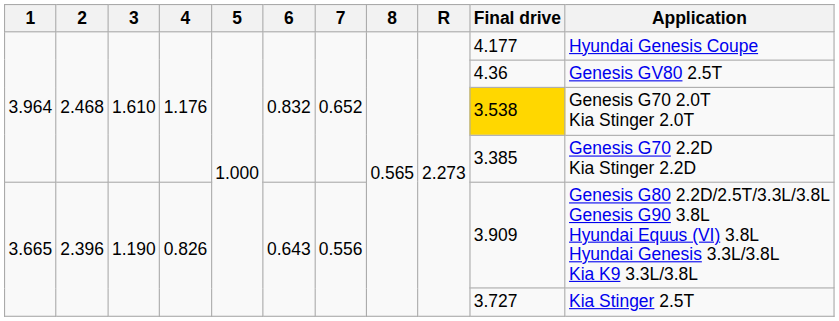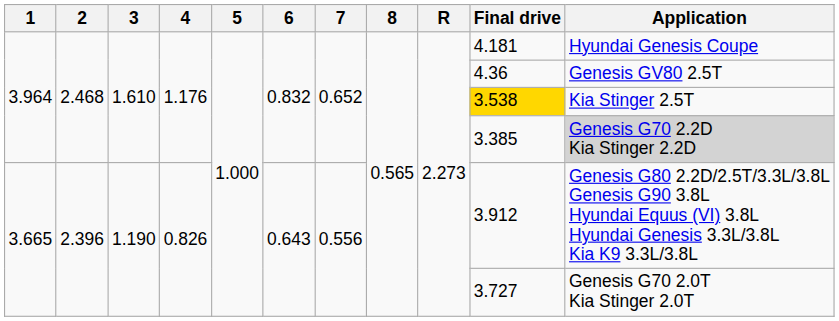 <table class=wikitable>
 <tr>
 <th>1</th>
 <th>2</th>
 <th>3</th>
 <th>4</th>
 <th>5</th>
 <th>6</th>
 <th>7</th>
 <th>8</th>
 <th>R</th>
 <th>Final drive</th>
 <th>Application</th>
 </tr>
 <tr>
 <td rowspan=4>3.964</td>
 <td rowspan=4>2.468</td>
 <td rowspan=4>1.610</td>
 <td rowspan=4>1.176</td>
 <td rowspan=6>1.000</td>
 <td rowspan=4>0.832</td>
 <td rowspan=4>0.652</td>
 <td rowspan=6>0.565</td>
 <td rowspan=6>2.273</td>
-<td>4.177</td>
+<td>4.181</td>
 <td><a href='#'>Hyundai Genesis Coupe</a></td>
 </tr>
 <tr>
 <td>4.36</td>
 <td><a href='#'>Genesis GV80</a> 2.5T</td>
 </tr>
 <tr>
 <td style="background: gold;">3.538</td>
-<td>Genesis G70 2.0T<br>Kia Stinger 2.0T</td>
+<td><a href='#'>Kia Stinger</a> 2.5T</td>
 </tr>
 <tr>
 <td>3.385</td>
-<td><a href='#'>Genesis G70</a> 2.2D<br>Kia Stinger 2.2D</td>
+<td style="background: lightgrey;"><a href='#'>Genesis G70</a> 2.2D<br>Kia Stinger 2.2D</td>
 </tr>
 <tr>
 <td rowspan=2>3.665</td>
 <td rowspan=2>2.396</td>
 <td rowspan=2>1.190</td>
 <td rowspan=2>0.826</td>
 <td rowspan=2>0.643</td>
 <td rowspan=2>0.556</td>
-<td>3.909</td>
+<td>3.912</td>
 <td><a href='#'>Genesis G80</a> 2.2D/2.5T/3.3L/3.8L<br><a href='#'>Genesis G90</a> 3.8L<br><a href='#'>Hyundai Equus (VI)</a> 3.8L<br><a href='#'>Hyundai Genesis</a> 3.3L/3.8L<br><a href='#'>Kia K9</a> 3.3L/3.8L</td>
 </tr>
 <tr>
 <td>3.727</td>
-<td><a href='#'>Kia Stinger</a> 2.5T</td>
+<td>Genesis G70 2.0T<br>Kia Stinger 2.0T</td>
 </tr>
 </table>
